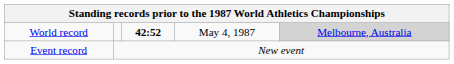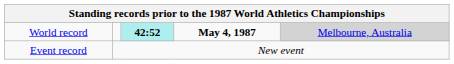 <table class="wikitable" style=" text-align:center; font-size:110%;" width="80%">
 <tr>
 <th colspan="5">Standing records prior to the 1987 World Athletics Championships</th>
 </tr>
 <tr>
 <td><a href='#'>World record</a></td>
 <td></td>
-<td><strong>42:52</strong></td>
-<td>May 4, 1987</td>
+<td style="background: paleturquoise;"><strong>42:52</strong></td>
+<td><strong>May 4, 1987</strong></td>
 <td style="background: lightgrey;"> <a href='#'>Melbourne, Australia</a></td>
 </tr>
 <tr>
 <td><a href='#'>Event record</a></td>
 <td colspan="4"><em>New event</em></td>
 </tr>
 </table>
